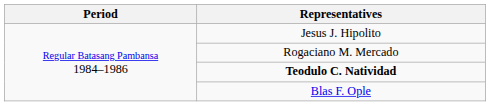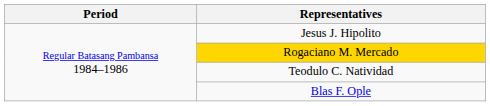 <table class="wikitable" style="text-align:center; width:40%;">
 <tr>
 <th width="40%">Period</th>
 <th>Representatives</th>
 </tr>
 <tr>
 <td rowspan="4"><small><a href='#'>Regular Batasang Pambansa</a></small><br>1984–1986</td>
 <td>Jesus J. Hipolito</td>
 </tr>
 <tr>
-<td>Rogaciano M. Mercado</td>
+<td style="background: gold;">Rogaciano M. Mercado</td>
 </tr>
 <tr>
-<td><strong>Teodulo C. Natividad</strong></td>
+<td>Teodulo C. Natividad</td>
 </tr>
 <tr>
 <td><a href='#'>Blas F. Ople</a></td>
 </tr>
 </table>
